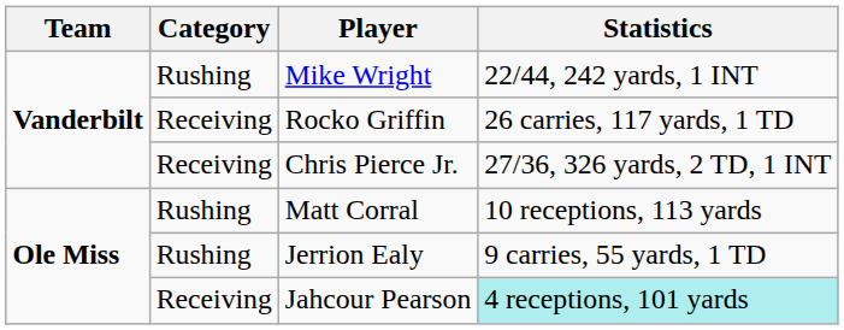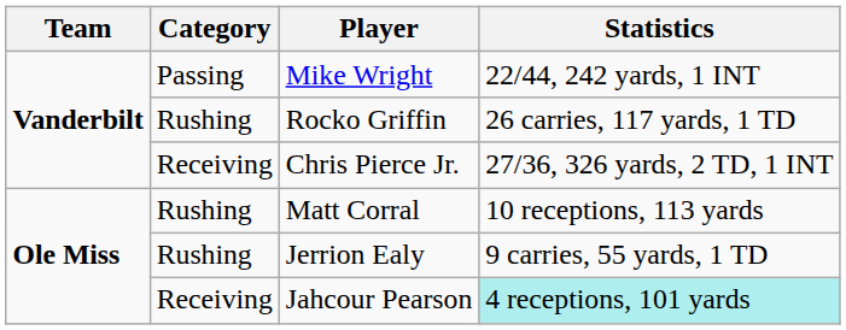 <table class="wikitable" style="float: right;">
 <tr>
 <th>Team</th>
 <th>Category</th>
 <th>Player</th>
 <th>Statistics</th>
 </tr>
 <tr>
 <td rowspan=3><strong>Vanderbilt</strong></td>
-<td>Rushing</td>
+<td>Passing</td>
 <td><a href='#'>Mike Wright</a></td>
 <td>22/44, 242 yards, 1 INT</td>
 </tr>
 <tr>
-<td>Receiving</td>
+<td>Rushing</td>
 <td>Rocko Griffin</td>
 <td>26 carries, 117 yards, 1 TD</td>
 </tr>
 <tr>
 <td>Receiving</td>
 <td>Chris Pierce Jr.</td>
 <td>27/36, 326 yards, 2 TD, 1 INT</td>
 </tr>
 <tr>
 <td rowspan=3><strong>Ole Miss</strong></td>
 <td>Rushing</td>
 <td>Matt Corral</td>
 <td>10 receptions, 113 yards</td>
 </tr>
 <tr>
 <td>Rushing</td>
 <td>Jerrion Ealy</td>
 <td>9 carries, 55 yards, 1 TD</td>
 </tr>
 <tr>
 <td>Receiving</td>
 <td>Jahcour Pearson</td>
 <td style="background: paleturquoise;">4 receptions, 101 yards</td>
 </tr>
 </table>
